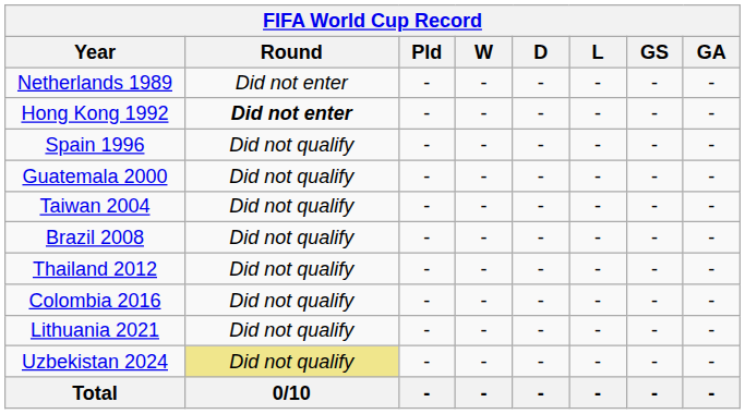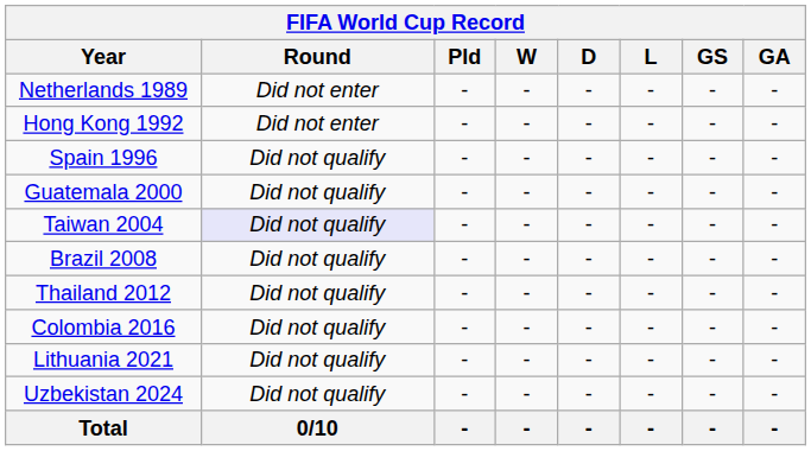 <table class="wikitable" style="text-align: center;font-size:90%;">
 <tr>
 <th colspan=8><a href='#'>FIFA World Cup Record</a></th>
 </tr>
 <tr>
 <th width=125>Year</th>
 <th width=150>Round</th>
 <th width=35>Pld</th>
 <th width=35>W</th>
 <th width=35>D</th>
 <th width=35>L</th>
 <th width=35>GS</th>
 <th width=35>GA</th>
 </tr>
 <tr>
 <td><a href='#'>Netherlands 1989</a></td>
 <td><em>Did not enter</em></td>
 <td>-</td>
 <td>-</td>
 <td>-</td>
 <td>-</td>
 <td>-</td>
 <td>-</td>
 </tr>
 <tr>
 <td><a href='#'>Hong Kong 1992</a></td>
-<td><strong><em>Did not enter</em></strong></td>
+<td><em>Did not enter</em></td>
 <td>-</td>
 <td>-</td>
 <td>-</td>
 <td>-</td>
 <td>-</td>
 <td>-</td>
 </tr>
 <tr>
 <td><a href='#'>Spain 1996</a></td>
 <td><em>Did not qualify</em></td>
 <td>-</td>
 <td>-</td>
 <td>-</td>
 <td>-</td>
 <td>-</td>
 <td>-</td>
 </tr>
 <tr>
 <td><a href='#'>Guatemala 2000</a></td>
 <td><em>Did not qualify</em></td>
 <td>-</td>
 <td>-</td>
 <td>-</td>
 <td>-</td>
 <td>-</td>
 <td>-</td>
 </tr>
 <tr>
 <td><a href='#'>Taiwan 2004</a></td>
-<td><em>Did not qualify</em></td>
+<td style="background: lavender;"><em>Did not qualify</em></td>
 <td>-</td>
 <td>-</td>
 <td>-</td>
 <td>-</td>
 <td>-</td>
 <td>-</td>
 </tr>
 <tr>
 <td><a href='#'>Brazil 2008</a></td>
 <td><em>Did not qualify</em></td>
 <td>-</td>
 <td>-</td>
 <td>-</td>
 <td>-</td>
 <td>-</td>
 <td>-</td>
 </tr>
 <tr>
 <td><a href='#'>Thailand 2012</a></td>
 <td><em>Did not qualify</em></td>
 <td>-</td>
 <td>-</td>
 <td>-</td>
 <td>-</td>
 <td>-</td>
 <td>-</td>
 </tr>
 <tr>
 <td><a href='#'>Colombia 2016</a></td>
 <td><em>Did not qualify</em></td>
 <td>-</td>
 <td>-</td>
 <td>-</td>
 <td>-</td>
 <td>-</td>
 <td>-</td>
 </tr>
 <tr>
 <td><a href='#'>Lithuania 2021</a></td>
 <td><em>Did not qualify</em></td>
 <td>-</td>
 <td>-</td>
 <td>-</td>
 <td>-</td>
 <td>-</td>
 <td>-</td>
 </tr>
 <tr>
 <td><a href='#'>Uzbekistan 2024</a></td>
-<td style="background: khaki;"><em>Did not qualify</em></td>
+<td><em>Did not qualify</em></td>
 <td>-</td>
 <td>-</td>
 <td>-</td>
 <td>-</td>
 <td>-</td>
 <td>-</td>
 </tr>
 <tr>
 <th><strong>Total</strong></th>
 <th>0/10</th>
 <th>-</th>
 <th>-</th>
 <th>-</th>
 <th>-</th>
 <th>-</th>
 <th>-</th>
 </tr>
 </table>
